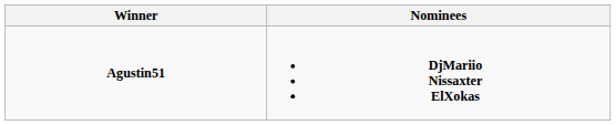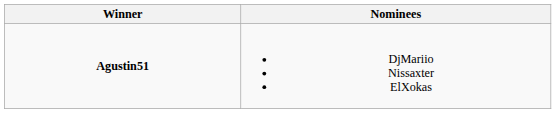 <table class="wikitable" style="text-align:center;">
 <tr>
 <th scope="col" style="width:19em;">Winner</th>
 <th scope="col" style="width:25em;">Nominees</th>
 </tr>
 <tr>
 <td><strong> Agustin51</strong></td>
-<td><strong><br><ul><li> DjMariio</li><li> Nissaxter</li><li> ElXokas</li></ul></strong></td>
+<td><br><ul><li> DjMariio</li><li> Nissaxter</li><li> ElXokas</li></ul></td>
 </tr>
 </table>
